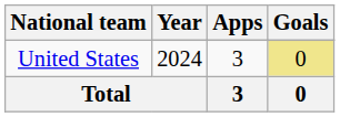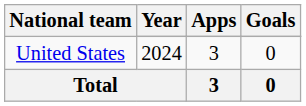 <table class="wikitable" style="text-align:center">
 <tr>
 <th>National team</th>
 <th>Year</th>
 <th>Apps</th>
 <th>Goals</th>
 </tr>
 <tr>
 <td rowspan=2><a href='#'>United States</a></td>
 </tr>
 <tr>
 <td>2024</td>
 <td>3</td>
-<td style="background: khaki;">0</td>
+<td>0</td>
 </tr>
 <tr>
 <th colspan=2>Total</th>
 <th>3</th>
 <th>0</th>
 </tr>
 </table>
